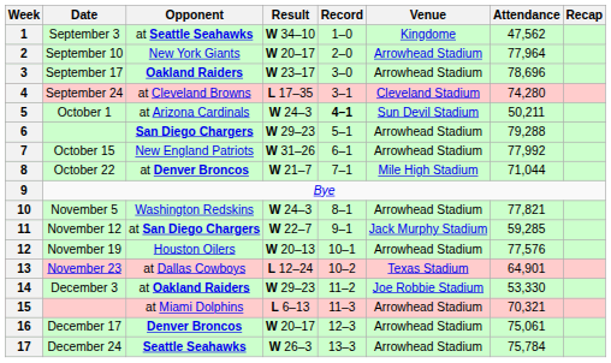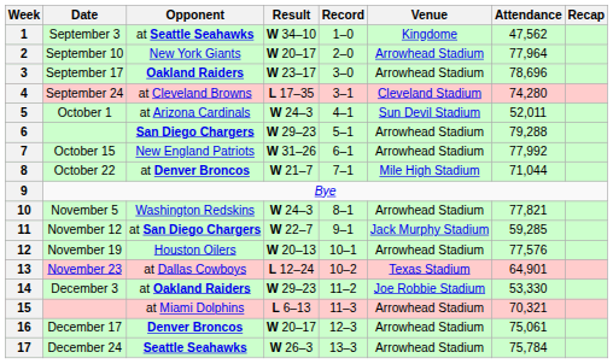 <table class="wikitable" style="text-align:center">
 <tr>
 <th>Week</th>
 <th>Date</th>
 <th>Opponent</th>
 <th>Result</th>
 <th>Record</th>
 <th>Venue</th>
 <th>Attendance</th>
 <th>Recap</th>
 </tr>
 <tr style="background:#cfc">
 <th>1</th>
 <td>September 3</td>
 <td>at <strong><a href='#'>Seattle Seahawks</a></strong></td>
 <td><strong>W</strong> 34–10</td>
 <td>1–0</td>
 <td><a href='#'>Kingdome</a></td>
 <td>47,562</td>
 <td></td>
 </tr>
 <tr style="background:#cfc">
 <th>2</th>
 <td>September 10</td>
 <td><a href='#'>New York Giants</a></td>
 <td><strong>W</strong> 20–17 </td>
 <td>2–0</td>
 <td><a href='#'>Arrowhead Stadium</a></td>
 <td>77,964</td>
 <td></td>
 </tr>
 <tr style="background:#cfc">
 <th>3</th>
 <td>September 17</td>
 <td><strong><a href='#'>Oakland Raiders</a></strong></td>
 <td><strong>W</strong> 23–17 </td>
 <td>3–0</td>
 <td>Arrowhead Stadium</td>
 <td>78,696</td>
 <td></td>
 </tr>
 <tr style="background:#fcc">
 <th>4</th>
 <td>September 24</td>
 <td>at <a href='#'>Cleveland Browns</a></td>
 <td><strong>L</strong> 17–35</td>
 <td>3–1</td>
 <td><a href='#'>Cleveland Stadium</a></td>
 <td>74,280</td>
 <td></td>
 </tr>
 <tr style="background:#cfc">
 <th>5</th>
 <td>October 1</td>
 <td>at <a href='#'>Arizona Cardinals</a></td>
 <td><strong>W</strong> 24–3</td>
-<td><strong>4–1</strong></td>
+<td>4–1</td>
 <td><a href='#'>Sun Devil Stadium</a></td>
-<td>50,211</td>
+<td>52,011</td>
 <td></td>
 </tr>
 <tr style="background:#cfc">
 <th>6</th>
 <td></td>
 <td><strong><a href='#'>San Diego Chargers</a></strong></td>
 <td><strong>W</strong> 29–23 </td>
 <td>5–1</td>
 <td>Arrowhead Stadium</td>
 <td>79,288</td>
 <td></td>
 </tr>
 <tr style="background:#cfc">
 <th>7</th>
 <td>October 15</td>
 <td><a href='#'>New England Patriots</a></td>
 <td><strong>W</strong> 31–26</td>
 <td>6–1</td>
 <td>Arrowhead Stadium</td>
 <td>77,992</td>
 <td></td>
 </tr>
 <tr style="background:#cfc">
 <th>8</th>
 <td>October 22</td>
 <td>at <strong><a href='#'>Denver Broncos</a></strong></td>
 <td><strong>W</strong> 21–7</td>
 <td>7–1</td>
 <td><a href='#'>Mile High Stadium</a></td>
 <td>71,044</td>
 <td></td>
 </tr>
 <tr>
 <th>9</th>
 <td colspan="7"><em><a href='#'>Bye</a></em></td>
 </tr>
 <tr style="background:#cfc">
 <th>10</th>
 <td>November 5</td>
 <td><a href='#'>Washington Redskins</a></td>
 <td><strong>W</strong> 24–3</td>
 <td>8–1</td>
 <td>Arrowhead Stadium</td>
 <td>77,821</td>
 <td></td>
 </tr>
 <tr style="background:#cfc">
 <th>11</th>
 <td>November 12</td>
 <td>at <strong><a href='#'>San Diego Chargers</a></strong></td>
 <td><strong>W</strong> 22–7</td>
 <td>9–1</td>
 <td><a href='#'>Jack Murphy Stadium</a></td>
 <td>59,285</td>
 <td></td>
 </tr>
 <tr style="background:#cfc">
 <th>12</th>
 <td>November 19</td>
 <td><a href='#'>Houston Oilers</a></td>
 <td><strong>W</strong> 20–13</td>
 <td>10–1</td>
 <td>Arrowhead Stadium</td>
 <td>77,576</td>
 <td></td>
 </tr>
 <tr style="background:#fcc">
 <th>13</th>
 <td><a href='#'>November 23</a></td>
 <td>at <a href='#'>Dallas Cowboys</a></td>
 <td><strong>L</strong> 12–24</td>
 <td>10–2</td>
 <td><a href='#'>Texas Stadium</a></td>
 <td>64,901</td>
 <td></td>
 </tr>
 <tr style="background:#cfc">
 <th>14</th>
 <td>December 3</td>
 <td>at <strong><a href='#'>Oakland Raiders</a></strong></td>
 <td><strong>W</strong> 29–23</td>
 <td>11–2</td>
 <td><a href='#'>Joe Robbie Stadium</a></td>
 <td>53,330</td>
 <td></td>
 </tr>
 <tr style="background:#fcc">
 <th>15</th>
 <td></td>
 <td>at <a href='#'>Miami Dolphins</a></td>
 <td><strong>L</strong> 6–13</td>
 <td>11–3</td>
 <td>Arrowhead Stadium</td>
 <td>70,321</td>
 <td></td>
 </tr>
 <tr style="background:#cfc">
 <th>16</th>
 <td>December 17</td>
 <td><strong><a href='#'>Denver Broncos</a></strong></td>
 <td><strong>W</strong> 20–17</td>
 <td>12–3</td>
 <td>Arrowhead Stadium</td>
 <td>75,061</td>
 <td></td>
 </tr>
 <tr style="background:#cfc">
 <th>17</th>
 <td>December 24</td>
 <td><strong><a href='#'>Seattle Seahawks</a></strong></td>
 <td><strong>W</strong> 26–3</td>
 <td>13–3</td>
 <td>Arrowhead Stadium</td>
 <td>75,784</td>
 <td></td>
 </tr>
 </table>
